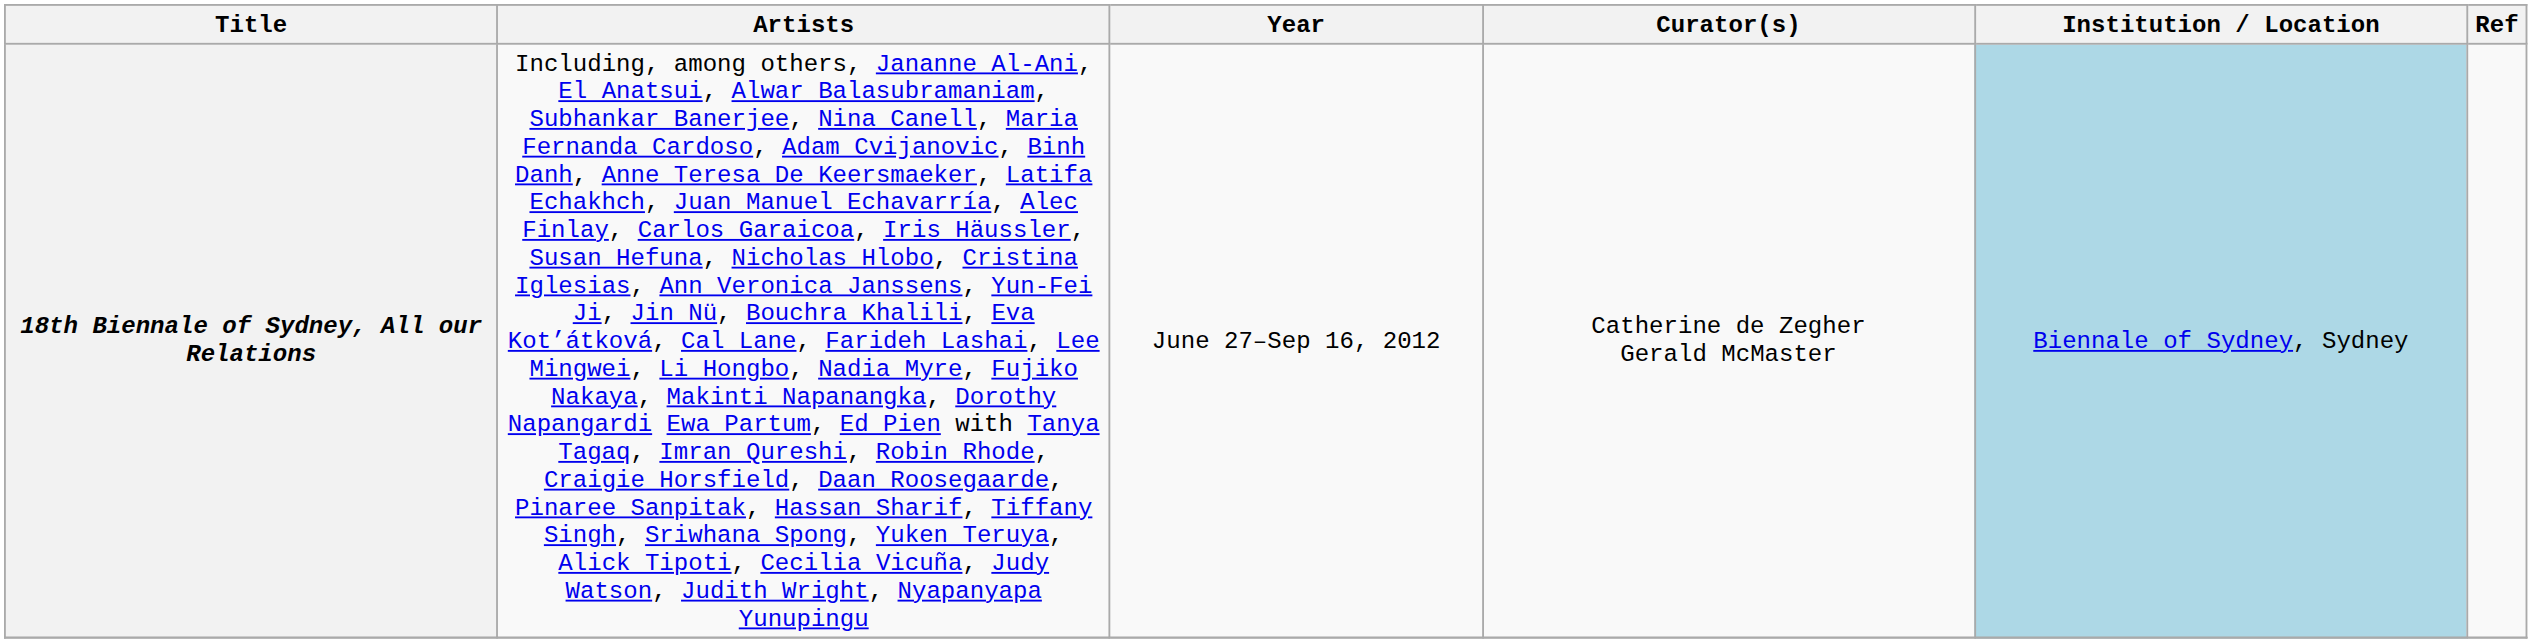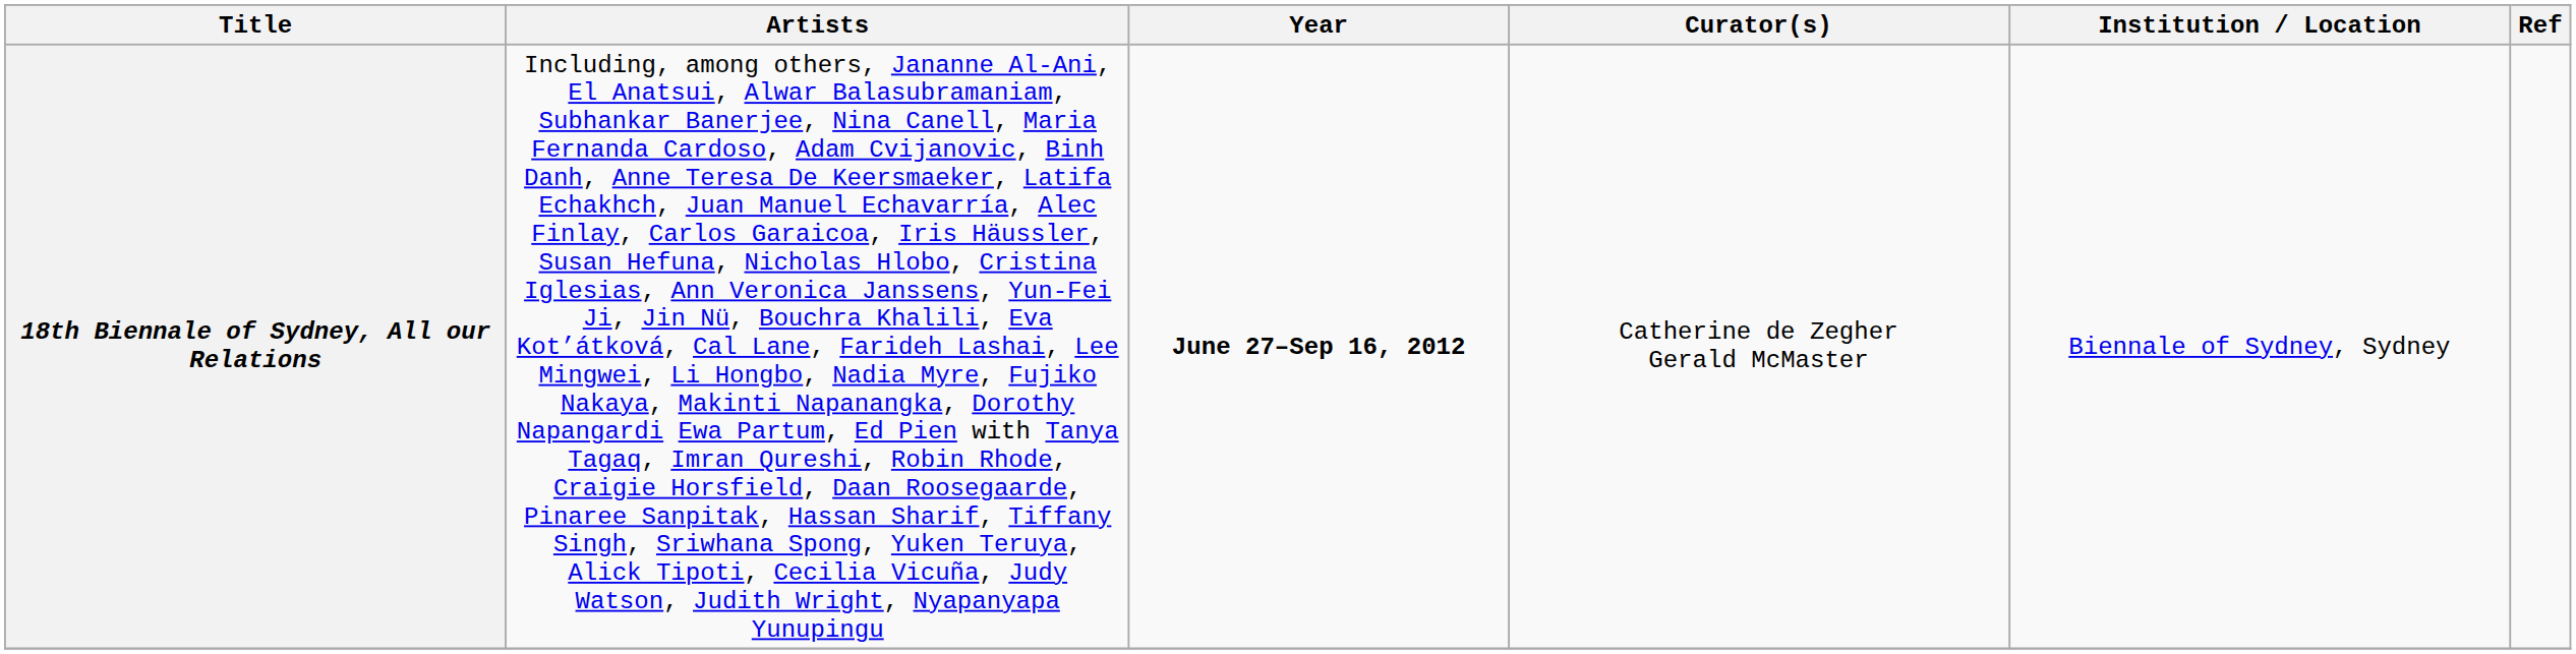 <table class="wikitable plainrowheaders" style="text-align:center;">
 <tr>
 <th scope="col" style="width:20em;">Title</th>
 <th scope="col" style="width:25em;">Artists</th>
 <th scope="col" style="width:15em;">Year</th>
 <th scope="col" style="width:20em;">Curator(s)</th>
 <th scope="col" style="width:20em;">Institution / Location</th>
 <th scope="col" style="width:2em;">Ref</th>
 </tr>
 <tr>
 <th scope="row"><em>18th Biennale of Sydney,</em> <em>All our Relations</em></th>
 <td>Including, among others, <a href='#'>Jananne Al-Ani</a>, <a href='#'>El Anatsui</a>, <a href='#'>Alwar Balasubramaniam</a>, <a href='#'>Subhankar Banerjee</a>, <a href='#'>Nina Canell</a>, <a href='#'>Maria Fernanda Cardoso</a>, <a href='#'>Adam Cvijanovic</a>, <a href='#'>Binh Danh</a>, <a href='#'>Anne Teresa De Keersmaeker</a>, <a href='#'>Latifa Echakhch</a>, <a href='#'>Juan Manuel Echavarría</a>, <a href='#'>Alec Finlay</a>, <a href='#'>Carlos Garaicoa</a>, <a href='#'>Iris Häussler</a>, <a href='#'>Susan Hefuna</a>, <a href='#'>Nicholas Hlobo</a>, <a href='#'>Cristina Iglesias</a>, <a href='#'>Ann Veronica Janssens</a>, <a href='#'>Yun-Fei Ji</a>, <a href='#'>Jin Nü</a>, <a href='#'>Bouchra Khalili</a>, <a href='#'>Eva Kot’átková</a>, <a href='#'>Cal Lane</a>, <a href='#'>Farideh Lashai</a>, <a href='#'>Lee Mingwei</a>, <a href='#'>Li Hongbo</a>, <a href='#'>Nadia Myre</a>, <a href='#'>Fujiko Nakaya</a>, <a href='#'>Makinti Napanangka</a>, <a href='#'>Dorothy Napangardi</a> <a href='#'>Ewa Partum</a>, <a href='#'>Ed Pien</a> with <a href='#'>Tanya Tagaq</a>, <a href='#'>Imran Qureshi</a>, <a href='#'>Robin Rhode</a>, <a href='#'>Craigie Horsfield</a>, <a href='#'>Daan Roosegaarde</a>, <a href='#'>Pinaree Sanpitak</a>, <a href='#'>Hassan Sharif</a>, <a href='#'>Tiffany Singh</a>, <a href='#'>Sriwhana Spong</a>, <a href='#'>Yuken Teruya</a>, <a href='#'>Alick Tipoti</a>, <a href='#'>Cecilia Vicuña</a>, <a href='#'>Judy Watson</a>, <a href='#'>Judith Wright</a>, <a href='#'>Nyapanyapa Yunupingu</a></td>
-<td>June 27–Sep 16, 2012</td>
+<td><strong>June 27–Sep 16, 2012</strong></td>
 <td>Catherine de Zegher<br>Gerald McMaster</td>
-<td style="background: lightblue;"><a href='#'>Biennale of Sydney</a>, Sydney</td>
+<td><a href='#'>Biennale of Sydney</a>, Sydney</td>
 <td></td>
 </tr>
 <tr>
 </tr>
 </table>
